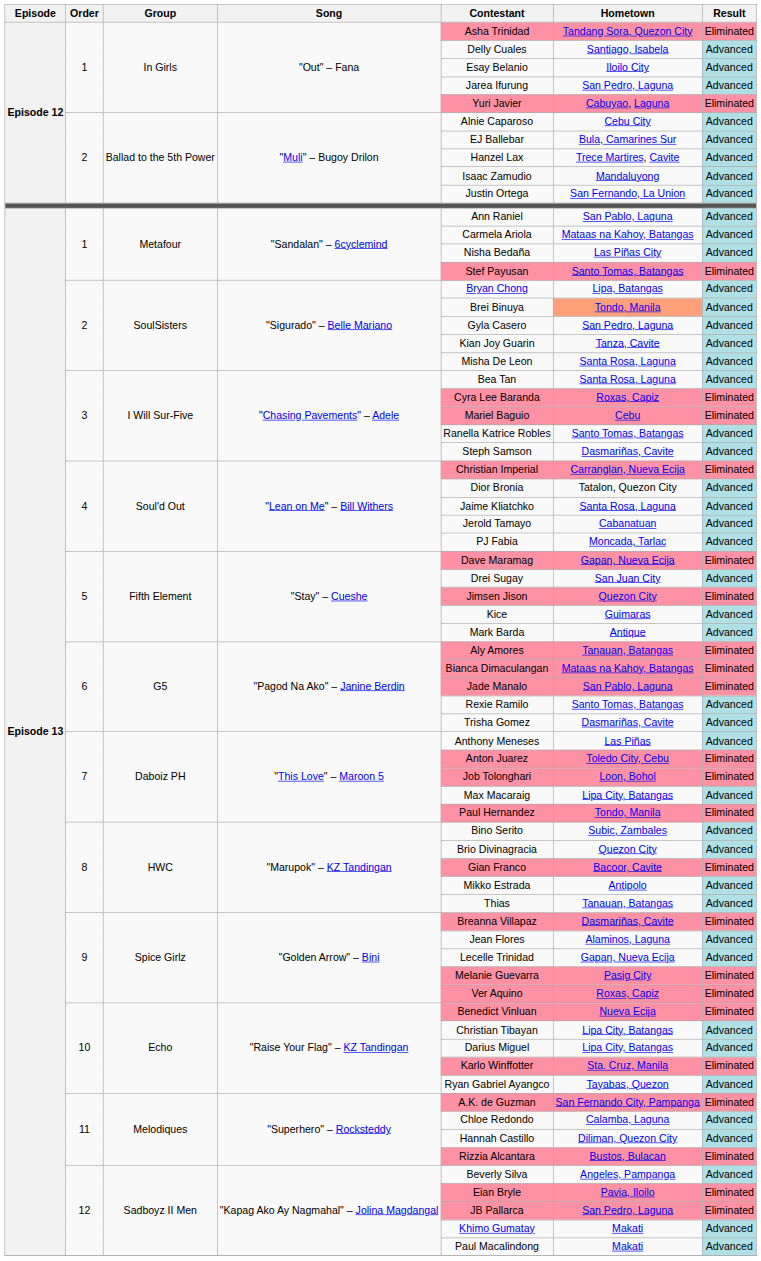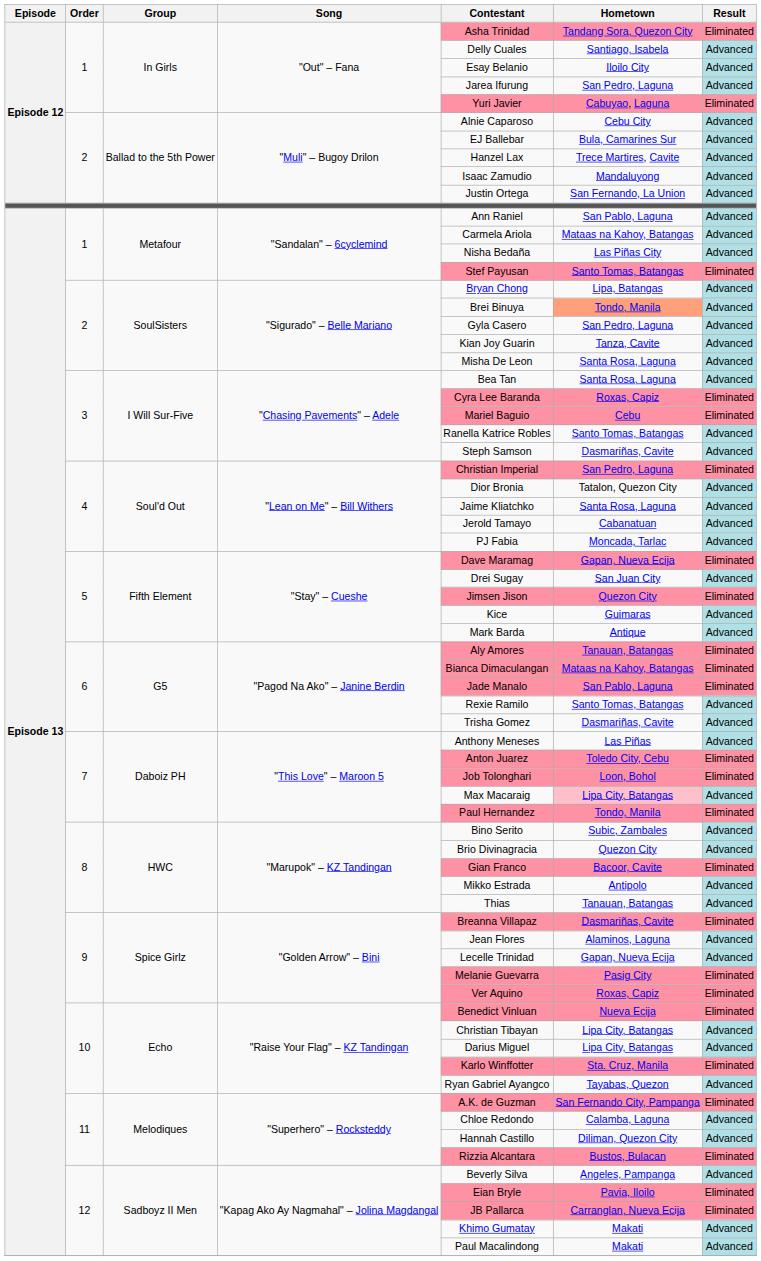 <table class="wikitable sortable" style="margin: 1em auto; font-size:100%; line-height:20px; text-align:center">
 <tr>
 <th>Episode</th>
 <th style="width:5%;">Order</th>
 <th>Group</th>
 <th>Song</th>
 <th>Contestant</th>
 <th>Hometown</th>
 <th>Result</th>
 </tr>
 <tr>
 <th rowspan="10"><strong>Episode 12</strong><br><small><em></em></small></th>
 <td rowspan="5">1</td>
 <td rowspan="5">In Girls</td>
 <td rowspan="5">"Out" – Fana</td>
 <td bgcolor=#FF91A4>Asha Trinidad</td>
 <td bgcolor=#FF91A4><a href='#'>Tandang Sora, Quezon City</a></td>
 <td bgcolor=#FF91A4>Eliminated</td>
 </tr>
 <tr>
 <td>Delly Cuales</td>
 <td><a href='#'>Santiago, Isabela</a></td>
 <td bgcolor=#B0E0E6>Advanced</td>
 </tr>
 <tr>
 <td>Esay Belanio</td>
 <td><a href='#'>Iloilo City</a></td>
 <td bgcolor=#B0E0E6>Advanced</td>
 </tr>
 <tr>
 <td>Jarea Ifurung</td>
 <td><a href='#'>San Pedro, Laguna</a></td>
 <td bgcolor=#B0E0E6>Advanced</td>
 </tr>
 <tr>
 <td bgcolor=#FF91A4>Yuri Javier</td>
 <td bgcolor=#FF91A4><a href='#'>Cabuyao</a>, <a href='#'>Laguna</a></td>
 <td bgcolor=#FF91A4>Eliminated</td>
 </tr>
 <tr>
 <td rowspan="5">2</td>
 <td rowspan="5">Ballad to the 5th Power</td>
 <td rowspan="5">"<a href='#'>Muli</a>" – Bugoy Drilon</td>
 <td>Alnie Caparoso</td>
 <td><a href='#'>Cebu City</a></td>
 <td bgcolor=#B0E0E6>Advanced</td>
 </tr>
 <tr>
 <td>EJ Ballebar</td>
 <td><a href='#'>Bula, Camarines Sur</a></td>
 <td bgcolor=#B0E0E6>Advanced</td>
 </tr>
 <tr>
 <td>Hanzel Lax</td>
 <td><a href='#'>Trece Martires</a>, <a href='#'>Cavite</a></td>
 <td bgcolor=#B0E0E6>Advanced</td>
 </tr>
 <tr>
 <td>Isaac Zamudio</td>
 <td><a href='#'>Mandaluyong</a></td>
 <td bgcolor=#B0E0E6>Advanced</td>
 </tr>
 <tr>
 <td>Justin Ortega</td>
 <td><a href='#'>San Fernando, La Union</a></td>
 <td bgcolor=#B0E0E6>Advanced</td>
 </tr>
 <tr>
 <td colspan="7" style="background:#555;"></td>
 </tr>
 <tr>
 <th rowspan="58"><strong>Episode 13</strong><br><small><em></em></small></th>
 <td rowspan="4">1</td>
 <td rowspan="4">Metafour</td>
 <td rowspan="4">"Sandalan" – <a href='#'>6cyclemind</a></td>
 <td>Ann Raniel</td>
 <td><a href='#'>San Pablo, Laguna</a></td>
 <td bgcolor=#B0E0E6>Advanced</td>
 </tr>
 <tr>
 <td>Carmela Ariola</td>
 <td><a href='#'>Mataas na Kahoy, Batangas</a></td>
 <td bgcolor=#B0E0E6>Advanced</td>
 </tr>
 <tr>
 <td>Nisha Bedaña</td>
 <td><a href='#'>Las Piñas City</a></td>
 <td bgcolor=#B0E0E6>Advanced</td>
 </tr>
 <tr>
 <td bgcolor=#FF91A4>Stef Payusan</td>
 <td bgcolor=#FF91A4><a href='#'>Santo Tomas, Batangas</a></td>
 <td bgcolor=#FF91A4>Eliminated</td>
 </tr>
 <tr>
 <td rowspan="5">2</td>
 <td rowspan="5">SoulSisters</td>
 <td rowspan="5">"Sigurado" – <a href='#'>Belle Mariano</a></td>
 <td><a href='#'>Bryan Chong</a></td>
 <td><a href='#'>Lipa, Batangas</a></td>
 <td bgcolor=#B0E0E6>Advanced</td>
 </tr>
 <tr>
 <td>Brei Binuya</td>
 <td style="background: lightsalmon;"><a href='#'>Tondo, Manila</a></td>
 <td bgcolor=#B0E0E6>Advanced</td>
 </tr>
 <tr>
 <td>Gyla Casero</td>
 <td><a href='#'>San Pedro, Laguna</a></td>
 <td bgcolor=#B0E0E6>Advanced</td>
 </tr>
 <tr>
 <td>Kian Joy Guarin</td>
 <td><a href='#'>Tanza, Cavite</a></td>
 <td bgcolor=#B0E0E6>Advanced</td>
 </tr>
 <tr>
 <td>Misha De Leon</td>
 <td><a href='#'>Santa Rosa, Laguna</a></td>
 <td bgcolor=#B0E0E6>Advanced</td>
 </tr>
 <tr>
 <td rowspan="5">3</td>
 <td rowspan="5">I Will Sur-Five</td>
 <td rowspan="5">"<a href='#'>Chasing Pavements</a>" – <a href='#'>Adele</a></td>
 <td>Bea Tan</td>
 <td><a href='#'>Santa Rosa, Laguna</a></td>
 <td bgcolor=#B0E0E6>Advanced</td>
 </tr>
 <tr>
 <td bgcolor=#FF91A4>Cyra Lee Baranda</td>
 <td bgcolor=#FF91A4><a href='#'>Roxas, Capiz</a></td>
 <td bgcolor=#FF91A4>Eliminated</td>
 </tr>
 <tr>
 <td bgcolor=#FF91A4>Mariel Baguio</td>
 <td bgcolor=#FF91A4><a href='#'>Cebu</a></td>
 <td bgcolor=#FF91A4>Eliminated</td>
 </tr>
 <tr>
 <td>Ranella Katrice Robles</td>
 <td><a href='#'>Santo Tomas, Batangas</a></td>
 <td bgcolor=#B0E0E6>Advanced</td>
 </tr>
 <tr>
 <td>Steph Samson</td>
 <td><a href='#'>Dasmariñas, Cavite</a></td>
 <td bgcolor=#B0E0E6>Advanced</td>
 </tr>
 <tr>
 <td rowspan="5">4</td>
 <td rowspan="5">Soul'd Out</td>
 <td rowspan="5">"<a href='#'>Lean on Me</a>" – <a href='#'>Bill Withers</a></td>
 <td bgcolor=#FF91A4>Christian Imperial</td>
-<td bgcolor=#FF91A4><a href='#'>Carranglan, Nueva Ecija</a></td>
+<td bgcolor=#FF91A4><a href='#'>San Pedro, Laguna</a></td>
 <td bgcolor=#FF91A4>Eliminated</td>
 </tr>
 <tr>
 <td>Dior Bronia</td>
 <td>Tatalon, Quezon City</td>
 <td bgcolor=#B0E0E6>Advanced</td>
 </tr>
 <tr>
 <td>Jaime Kliatchko</td>
 <td><a href='#'>Santa Rosa, Laguna</a></td>
 <td bgcolor=#B0E0E6>Advanced</td>
 </tr>
 <tr>
 <td>Jerold Tamayo</td>
 <td><a href='#'>Cabanatuan</a></td>
 <td bgcolor=#B0E0E6>Advanced</td>
 </tr>
 <tr>
 <td>PJ Fabia</td>
 <td><a href='#'>Moncada, Tarlac</a></td>
 <td bgcolor=#B0E0E6>Advanced</td>
 </tr>
 <tr>
 <td rowspan="5">5</td>
 <td rowspan="5">Fifth Element</td>
 <td rowspan="5">"Stay" – <a href='#'>Cueshe</a></td>
 <td bgcolor=#FF91A4>Dave Maramag</td>
 <td bgcolor=#FF91A4><a href='#'>Gapan, Nueva Ecija</a></td>
 <td bgcolor=#FF91A4>Eliminated</td>
 </tr>
 <tr>
 <td>Drei Sugay</td>
 <td><a href='#'>San Juan City</a></td>
 <td bgcolor=#B0E0E6>Advanced</td>
 </tr>
 <tr>
 <td bgcolor=#FF91A4>Jimsen Jison</td>
 <td bgcolor=#FF91A4><a href='#'>Quezon City</a></td>
 <td bgcolor=#FF91A4>Eliminated</td>
 </tr>
 <tr>
 <td>Kice</td>
 <td><a href='#'>Guimaras</a></td>
 <td bgcolor=#B0E0E6>Advanced</td>
 </tr>
 <tr>
 <td>Mark Barda</td>
 <td><a href='#'>Antique</a></td>
 <td bgcolor=#B0E0E6>Advanced</td>
 </tr>
 <tr>
 <td rowspan="5">6</td>
 <td rowspan="5">G5</td>
 <td rowspan="5">"Pagod Na Ako" – <a href='#'>Janine Berdin</a></td>
 <td bgcolor=#FF91A4>Aly Amores</td>
 <td bgcolor=#FF91A4><a href='#'>Tanauan, Batangas</a></td>
 <td bgcolor=#FF91A4>Eliminated</td>
 </tr>
 <tr>
 <td bgcolor=#FF91A4>Bianca Dimaculangan</td>
 <td bgcolor=#FF91A4><a href='#'>Mataas na Kahoy, Batangas</a></td>
 <td bgcolor=#FF91A4>Eliminated</td>
 </tr>
 <tr>
 <td bgcolor=#FF91A4>Jade Manalo</td>
 <td bgcolor=#FF91A4><a href='#'>San Pablo, Laguna</a></td>
 <td bgcolor=#FF91A4>Eliminated</td>
 </tr>
 <tr>
 <td>Rexie Ramilo</td>
 <td><a href='#'>Santo Tomas, Batangas</a></td>
 <td bgcolor=#B0E0E6>Advanced</td>
 </tr>
 <tr>
 <td>Trisha Gomez</td>
 <td><a href='#'>Dasmariñas, Cavite</a></td>
 <td bgcolor=#B0E0E6>Advanced</td>
 </tr>
 <tr>
 <td rowspan="5">7</td>
 <td rowspan="5">Daboiz PH</td>
 <td rowspan="5">"<a href='#'>This Love</a>" – <a href='#'>Maroon 5</a></td>
 <td>Anthony Meneses</td>
 <td><a href='#'>Las Piñas</a></td>
 <td bgcolor=#B0E0E6>Advanced</td>
 </tr>
 <tr>
 <td bgcolor=#FF91A4>Anton Juarez</td>
 <td bgcolor=#FF91A4><a href='#'>Toledo City, Cebu</a></td>
 <td bgcolor=#FF91A4>Eliminated</td>
 </tr>
 <tr>
 <td bgcolor=#FF91A4>Job Tolonghari</td>
 <td bgcolor=#FF91A4><a href='#'>Loon, Bohol</a></td>
 <td bgcolor=#FF91A4>Eliminated</td>
 </tr>
 <tr>
 <td>Max Macaraig</td>
-<td><a href='#'>Lipa City, Batangas</a></td>
+<td style="background: pink;"><a href='#'>Lipa City, Batangas</a></td>
 <td bgcolor=#B0E0E6>Advanced</td>
 </tr>
 <tr>
 <td bgcolor=#FF91A4>Paul Hernandez</td>
 <td bgcolor=#FF91A4><a href='#'>Tondo, Manila</a></td>
 <td bgcolor=#FF91A4>Eliminated</td>
 </tr>
 <tr>
 <td rowspan="5">8</td>
 <td rowspan="5">HWC</td>
 <td rowspan="5">"Marupok" – <a href='#'>KZ Tandingan</a></td>
 <td>Bino Serito</td>
 <td><a href='#'>Subic, Zambales</a></td>
 <td bgcolor=#B0E0E6>Advanced</td>
 </tr>
 <tr>
 <td>Brio Divinagracia</td>
 <td><a href='#'>Quezon City</a></td>
 <td bgcolor=#B0E0E6>Advanced</td>
 </tr>
 <tr>
 <td bgcolor=#FF91A4>Gian Franco</td>
 <td bgcolor=#FF91A4><a href='#'>Bacoor, Cavite</a></td>
 <td bgcolor=#FF91A4>Eliminated</td>
 </tr>
 <tr>
 <td>Mikko Estrada</td>
 <td><a href='#'>Antipolo</a></td>
 <td bgcolor=#B0E0E6>Advanced</td>
 </tr>
 <tr>
 <td>Thias</td>
 <td><a href='#'>Tanauan, Batangas</a></td>
 <td bgcolor=#B0E0E6>Advanced</td>
 </tr>
 <tr>
 <td rowspan="5">9</td>
 <td rowspan="5">Spice Girlz</td>
 <td rowspan="5">"Golden Arrow" – <a href='#'>Bini</a></td>
 <td bgcolor=#FF91A4>Breanna Villapaz</td>
 <td bgcolor=#FF91A4><a href='#'>Dasmariñas, Cavite</a></td>
 <td bgcolor=#FF91A4>Eliminated</td>
 </tr>
 <tr>
 <td>Jean Flores</td>
 <td><a href='#'>Alaminos, Laguna</a></td>
 <td bgcolor=#B0E0E6>Advanced</td>
 </tr>
 <tr>
 <td>Lecelle Trinidad</td>
 <td><a href='#'>Gapan, Nueva Ecija</a></td>
 <td bgcolor=#B0E0E6>Advanced</td>
 </tr>
 <tr>
 <td bgcolor=#FF91A4>Melanie Guevarra</td>
 <td bgcolor=#FF91A4><a href='#'>Pasig City</a></td>
 <td bgcolor=#FF91A4>Eliminated</td>
 </tr>
 <tr>
 <td bgcolor=#FF91A4>Ver Aquino</td>
 <td bgcolor=#FF91A4><a href='#'>Roxas, Capiz</a></td>
 <td bgcolor=#FF91A4>Eliminated</td>
 </tr>
 <tr>
 <td rowspan="5">10</td>
 <td rowspan="5">Echo</td>
 <td rowspan="5">"Raise Your Flag" – <a href='#'>KZ Tandingan</a></td>
 <td bgcolor=#FF91A4>Benedict Vinluan</td>
 <td bgcolor=#FF91A4><a href='#'>Nueva Ecija</a></td>
 <td bgcolor=#FF91A4>Eliminated</td>
 </tr>
 <tr>
 <td>Christian Tibayan</td>
 <td><a href='#'>Lipa City, Batangas</a></td>
 <td bgcolor=#B0E0E6>Advanced</td>
 </tr>
 <tr>
 <td>Darius Miguel</td>
 <td><a href='#'>Lipa City, Batangas</a></td>
 <td bgcolor=#B0E0E6>Advanced</td>
 </tr>
 <tr>
 <td bgcolor=#FF91A4>Karlo Winffotter</td>
 <td bgcolor=#FF91A4><a href='#'>Sta. Cruz, Manila</a></td>
 <td bgcolor=#FF91A4>Eliminated</td>
 </tr>
 <tr>
 <td>Ryan Gabriel Ayangco</td>
 <td><a href='#'>Tayabas, Quezon</a></td>
 <td bgcolor=#B0E0E6>Advanced</td>
 </tr>
 <tr>
 <td rowspan="4">11</td>
 <td rowspan="4">Melodiques</td>
 <td rowspan="4">"Superhero" – <a href='#'>Rocksteddy</a></td>
 <td bgcolor=#FF91A4>A.K. de Guzman</td>
 <td bgcolor=#FF91A4><a href='#'>San Fernando City, Pampanga</a></td>
 <td bgcolor=#FF91A4>Eliminated</td>
 </tr>
 <tr>
 <td>Chloe Redondo</td>
 <td><a href='#'>Calamba, Laguna</a></td>
 <td bgcolor=#B0E0E6>Advanced</td>
 </tr>
 <tr>
 <td>Hannah Castillo</td>
 <td><a href='#'>Diliman, Quezon City</a></td>
 <td bgcolor=#B0E0E6>Advanced</td>
 </tr>
 <tr>
 <td bgcolor=#FF91A4>Rizzia Alcantara</td>
 <td bgcolor=#FF91A4><a href='#'>Bustos, Bulacan</a></td>
 <td bgcolor=#FF91A4>Eliminated</td>
 </tr>
 <tr>
 <td rowspan="5">12</td>
 <td rowspan="5">Sadboyz II Men</td>
 <td rowspan="5">"Kapag Ako Ay Nagmahal" – <a href='#'>Jolina Magdangal</a></td>
 <td>Beverly Silva</td>
 <td><a href='#'>Angeles, Pampanga</a></td>
 <td bgcolor=#B0E0E6>Advanced</td>
 </tr>
 <tr>
 <td bgcolor=#FF91A4>Eian Bryle</td>
 <td bgcolor=#FF91A4><a href='#'>Pavia, Iloilo</a></td>
 <td bgcolor=#FF91A4>Eliminated</td>
 </tr>
 <tr>
 <td bgcolor=#FF91A4>JB Pallarca</td>
-<td bgcolor=#FF91A4><a href='#'>San Pedro, Laguna</a></td>
+<td bgcolor=#FF91A4><a href='#'>Carranglan, Nueva Ecija</a></td>
 <td bgcolor=#FF91A4>Eliminated</td>
 </tr>
 <tr>
 <td><a href='#'>Khimo Gumatay</a></td>
 <td><a href='#'>Makati</a></td>
 <td bgcolor=#B0E0E6>Advanced</td>
 </tr>
 <tr>
 <td>Paul Macalindong</td>
 <td><a href='#'>Makati</a></td>
 <td bgcolor=#B0E0E6>Advanced</td>
 </tr>
 <tr>
 </tr>
 </table>
